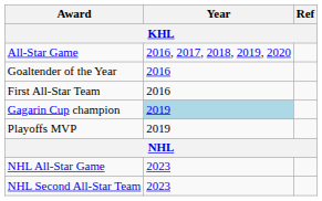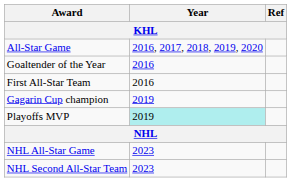 <table class="wikitable">
 <tr>
 <th>Award</th>
 <th>Year</th>
 <th>Ref</th>
 </tr>
 <tr>
 <th colspan="3"><a href='#'>KHL</a></th>
 </tr>
 <tr>
 <td><a href='#'>All-Star Game</a></td>
 <td><a href='#'>2016</a>, <a href='#'>2017</a>, <a href='#'>2018</a>, <a href='#'>2019</a>, <a href='#'>2020</a></td>
 <td></td>
 </tr>
 <tr>
 <td>Goaltender of the Year</td>
 <td><a href='#'>2016</a></td>
 <td></td>
 </tr>
 <tr>
 <td>First All-Star Team</td>
 <td>2016</td>
 <td></td>
 </tr>
 <tr>
 <td><a href='#'>Gagarin Cup</a> champion</td>
-<td style="background: lightblue;"><a href='#'>2019</a></td>
+<td><a href='#'>2019</a></td>
 <td></td>
 </tr>
 <tr>
 <td>Playoffs MVP</td>
-<td>2019</td>
+<td style="background: paleturquoise;">2019</td>
 <td></td>
 </tr>
 <tr>
 <th colspan="3"><a href='#'>NHL</a></th>
 </tr>
 <tr>
 <td><a href='#'>NHL All-Star Game</a></td>
 <td><a href='#'>2023</a></td>
 <td></td>
 </tr>
 <tr>
 <td><a href='#'>NHL Second All-Star Team</a></td>
 <td><a href='#'>2023</a></td>
 <td></td>
 </tr>
 </table>
